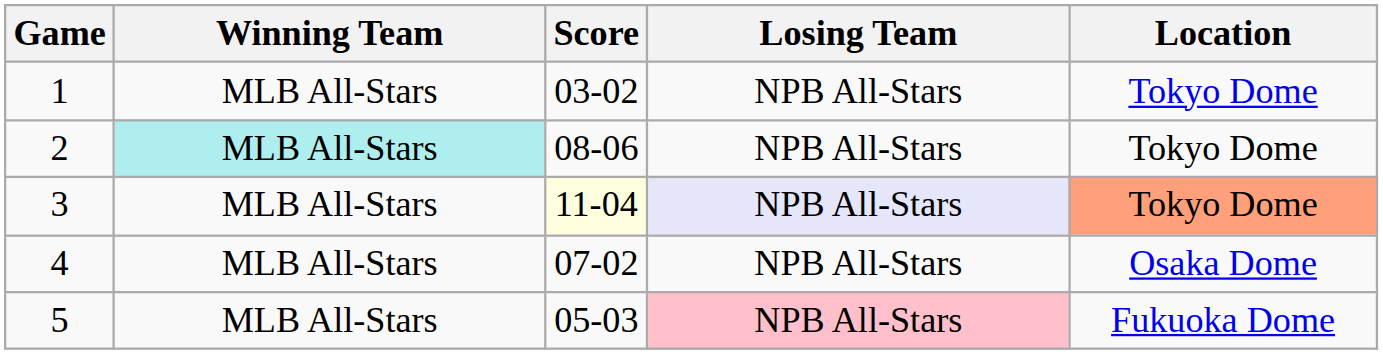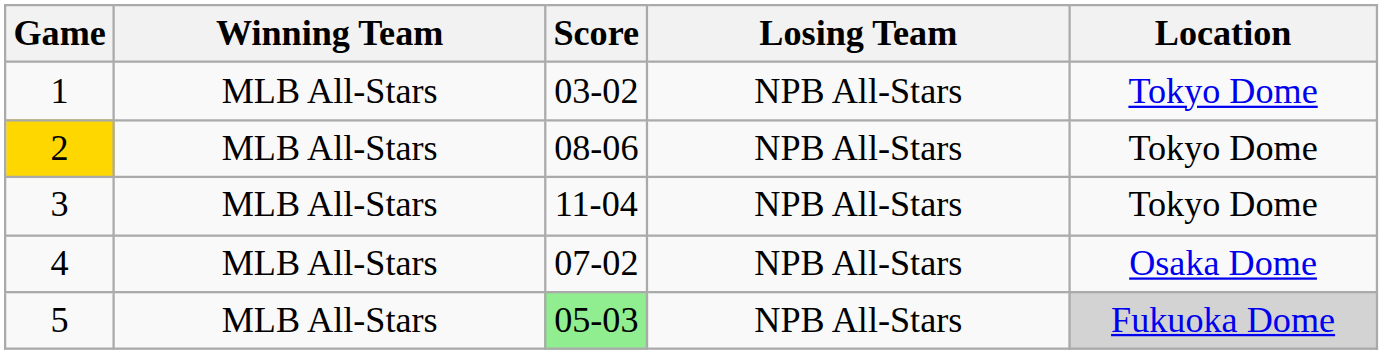 <table class="wikitable">
 <tr>
 <th>Game</th>
 <th>Winning Team</th>
 <th>Score</th>
 <th>Losing Team</th>
 <th>Location</th>
 </tr>
 <tr>
 <td style="width: 2em; text-align:center">1</td>
 <td style="width:15em; text-align:center">MLB All-Stars</td>
 <td style="width: 2em; text-align:center">03-02</td>
 <td style="width:15em; text-align:center">NPB All-Stars</td>
 <td style="width:10em; text-align:center"><a href='#'>Tokyo Dome</a></td>
 </tr>
 <tr>
-<td style="text-align:center">2</td>
-<td style="background: paleturquoise; text-align:center">MLB All-Stars</td>
+<td style="background: gold; text-align:center">2</td>
+<td style="text-align:center">MLB All-Stars</td>
 <td style="text-align:center">08-06</td>
 <td style="text-align:center">NPB All-Stars</td>
 <td style="text-align:center">Tokyo Dome</td>
 </tr>
 <tr>
 <td style="text-align:center">3</td>
 <td style="text-align:center">MLB All-Stars</td>
-<td style="background: lightyellow; text-align:center">11-04</td>
-<td style="background: lavender; text-align:center">NPB All-Stars</td>
-<td style="background: lightsalmon; text-align:center">Tokyo Dome</td>
+<td style="text-align:center">11-04</td>
+<td style="text-align:center">NPB All-Stars</td>
+<td style="text-align:center">Tokyo Dome</td>
 </tr>
 <tr>
 <td style="text-align:center">4</td>
 <td style="text-align:center">MLB All-Stars</td>
 <td style="text-align:center">07-02</td>
 <td style="text-align:center">NPB All-Stars</td>
 <td style="text-align:center"><a href='#'>Osaka Dome</a></td>
 </tr>
 <tr>
 <td style="text-align:center">5</td>
 <td style="text-align:center">MLB All-Stars</td>
-<td style="text-align:center">05-03</td>
-<td style="background: pink; text-align:center">NPB All-Stars</td>
-<td style="text-align:center"><a href='#'>Fukuoka Dome</a></td>
+<td style="background: lightgreen; text-align:center">05-03</td>
+<td style="text-align:center">NPB All-Stars</td>
+<td style="background: lightgrey; text-align:center"><a href='#'>Fukuoka Dome</a></td>
 </tr>
 </table>
